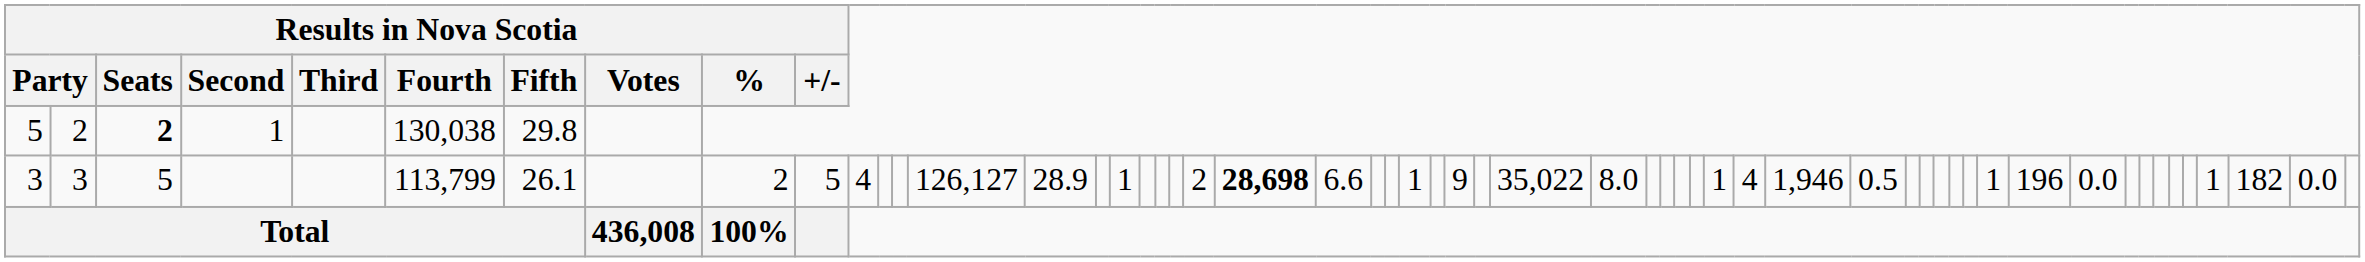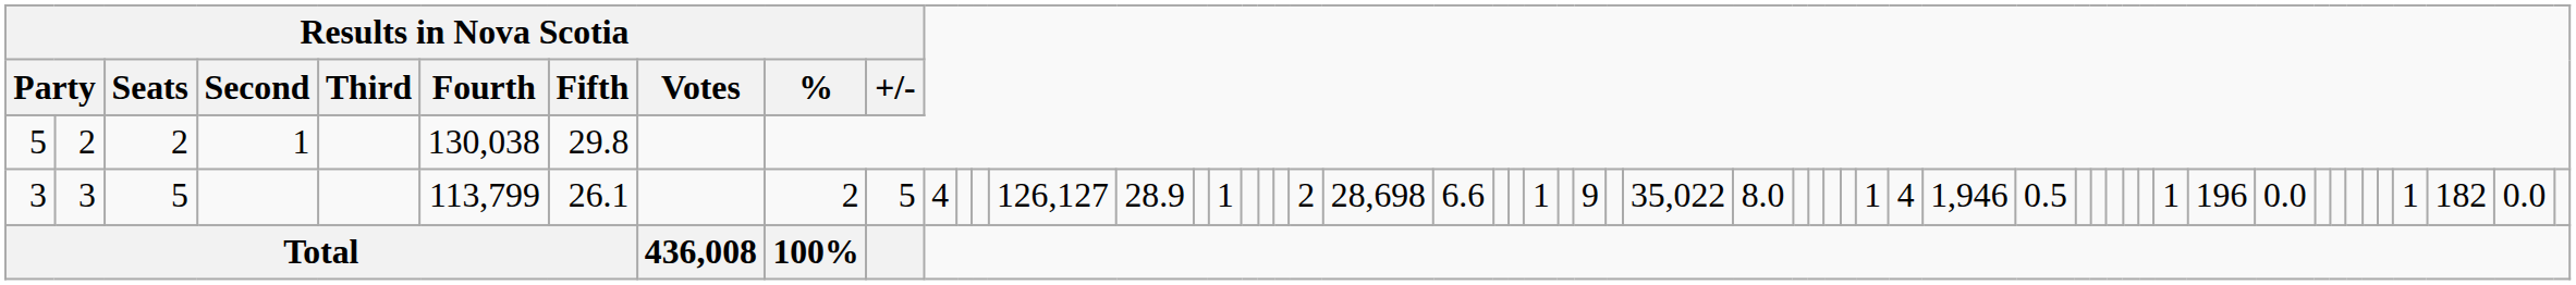 <table class="wikitable">
 <tr>
 <th align="center" colspan=10>Results in Nova Scotia</th>
 </tr>
 <tr>
 <th align="centre" colspan=2>Party</th>
 <th align="right">Seats</th>
 <th align="right">Second</th>
 <th align="right">Third</th>
 <th align="right">Fourth</th>
 <th align="right">Fifth</th>
 <th align="right">Votes</th>
 <th align="right">%</th>
 <th align="right">+/-</th>
 </tr>
 <tr>
 <td align="right">5</td>
 <td align="right">2</td>
-<td align="right"><strong>2</strong></td>
+<td align="right">2</td>
 <td align="right">1</td>
 <td align="right"></td>
 <td align="right">130,038</td>
 <td align="right">29.8</td>
 <td align="right"></td>
 </tr>
 <tr>
 <td align="right">3</td>
 <td align="right">3</td>
 <td align="right">5</td>
 <td align="right"></td>
 <td align="right"></td>
 <td align="right">113,799</td>
 <td align="right">26.1</td>
 <td align="right"><br></td>
 <td align="right">2</td>
 <td align="right">5</td>
 <td align="right">4</td>
 <td align="right"></td>
 <td align="right"></td>
 <td align="right">126,127</td>
 <td align="right">28.9</td>
 <td align="right"><br></td>
 <td align="right">1</td>
 <td align="right"></td>
 <td align="right"></td>
 <td align="right"></td>
 <td align="right">2</td>
-<td align="right"><strong>28,698</strong></td>
+<td align="right">28,698</td>
 <td align="right">6.6</td>
 <td align="right"><br></td>
 <td align="right"></td>
 <td align="right">1</td>
 <td align="right"></td>
 <td align="right">9</td>
 <td align="right"></td>
 <td align="right">35,022</td>
 <td align="right">8.0</td>
 <td align="right"><br></td>
 <td align="right"></td>
 <td align="right"></td>
 <td align="right"></td>
 <td align="right">1</td>
 <td align="right">4</td>
 <td align="right">1,946</td>
 <td align="right">0.5</td>
 <td align="right"><br></td>
 <td align="right"></td>
 <td align="right"></td>
 <td align="right"></td>
 <td align="right"></td>
 <td align="right">1</td>
 <td align="right">196</td>
 <td align="right">0.0</td>
 <td align="right"><br></td>
 <td align="right"></td>
 <td align="right"></td>
 <td align="right"></td>
 <td align="right"></td>
 <td align="right">1</td>
 <td align="right">182</td>
 <td align="right">0.0</td>
 <td align="right"></td>
 </tr>
 <tr bgcolor="white">
 <th align="left" colspan=7>Total</th>
 <th align="right">436,008</th>
 <th align="right">100%</th>
 <th align="right"></th>
 </tr>
 </table>
